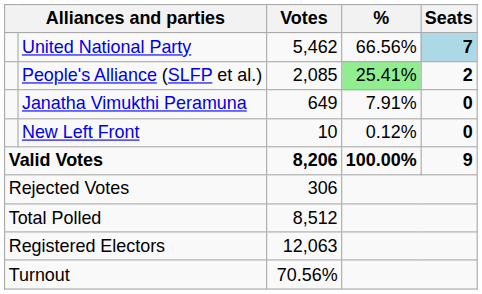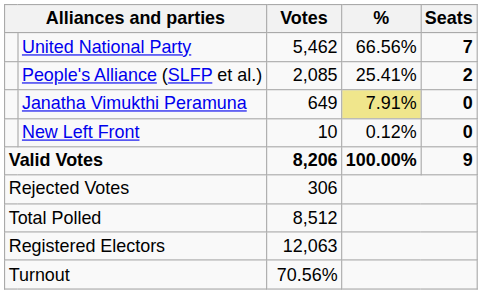 <table class="wikitable" border="1" style="text-align:right;">
 <tr>
 <th valign=bottom align=left colspan=2>Alliances and parties</th>
 <th valign=bottom align=center width="60">Votes</th>
 <th valign=bottom align=center width="50">%</th>
 <th valign=bottom align=center>Seats</th>
 </tr>
 <tr>
 <td bgcolor=> </td>
 <td align=left><a href='#'>United National Party</a></td>
 <td>5,462</td>
 <td>66.56%</td>
-<td style="background: lightblue;"><strong>7</strong></td>
+<td><strong>7</strong></td>
 </tr>
 <tr>
 <td bgcolor=> </td>
 <td align=left><a href='#'>People's Alliance</a> (<a href='#'>SLFP</a> et al.)</td>
 <td>2,085</td>
-<td style="background: lightgreen;">25.41%</td>
+<td>25.41%</td>
 <td><strong>2</strong></td>
 </tr>
 <tr>
 <td bgcolor=> </td>
 <td align=left><a href='#'>Janatha Vimukthi Peramuna</a></td>
 <td>649</td>
-<td>7.91%</td>
+<td style="background: khaki;">7.91%</td>
 <td><strong>0</strong></td>
 </tr>
 <tr>
 <td bgcolor=> </td>
 <td align=left><a href='#'>New Left Front</a></td>
 <td>10</td>
 <td>0.12%</td>
 <td><strong>0</strong></td>
 </tr>
 <tr>
 <td colspan=2 align=left><strong>Valid Votes</strong></td>
 <td><strong>8,206</strong></td>
 <td><strong>100.00%</strong></td>
 <td><strong>9</strong></td>
 </tr>
 <tr>
 <td colspan=2 align=left>Rejected Votes</td>
 <td>306</td>
 <td colspan=2></td>
 </tr>
 <tr>
 <td colspan=2 align=left>Total Polled</td>
 <td>8,512</td>
 <td colspan=2></td>
 </tr>
 <tr>
 <td colspan=2 align=left>Registered Electors</td>
 <td>12,063</td>
 <td colspan=2></td>
 </tr>
 <tr>
 <td colspan=2 align=left>Turnout</td>
 <td>70.56%</td>
 <td colspan=2></td>
 </tr>
 </table>
